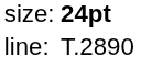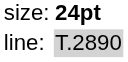 <table style="margin-left:40px;">
 <tr>
 <td>size:</td>
 <td><strong>24pt</strong></td>
 </tr>
 <tr>
 <td>line:</td>
-<td>T.2890</td>
+<td style="background: lightgrey;">T.2890</td>
 </tr>
 </table>
